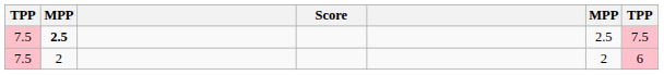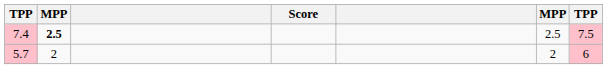 <table class="wikitable" style="text-align: center;" |>
 <tr>
 <th width="35">TPP</th>
 <th width="35">MPP</th>
 <th width="250"></th>
 <th width="75">Score</th>
 <th width="250"></th>
 <th width="35">MPP</th>
 <th width="35">TPP</th>
 </tr>
 <tr>
-<td bgcolor=pink>7.5</td>
+<td bgcolor=pink>7.4</td>
 <td><strong>2.5</strong></td>
 <td style="text-align:left;"></td>
 <td></td>
 <td style="text-align:left;"></td>
 <td>2.5</td>
 <td bgcolor=pink>7.5</td>
 </tr>
 <tr>
-<td bgcolor=pink>7.5</td>
+<td bgcolor=pink>5.7</td>
 <td>2</td>
 <td style="text-align:left;"></td>
 <td></td>
 <td style="text-align:left;"></td>
 <td>2</td>
 <td bgcolor=pink>6</td>
 </tr>
 </table>
